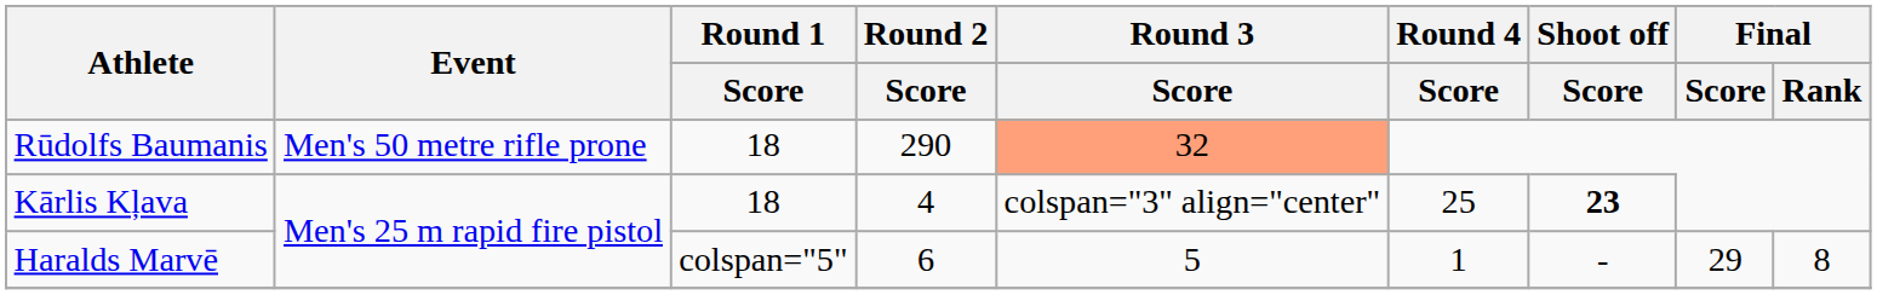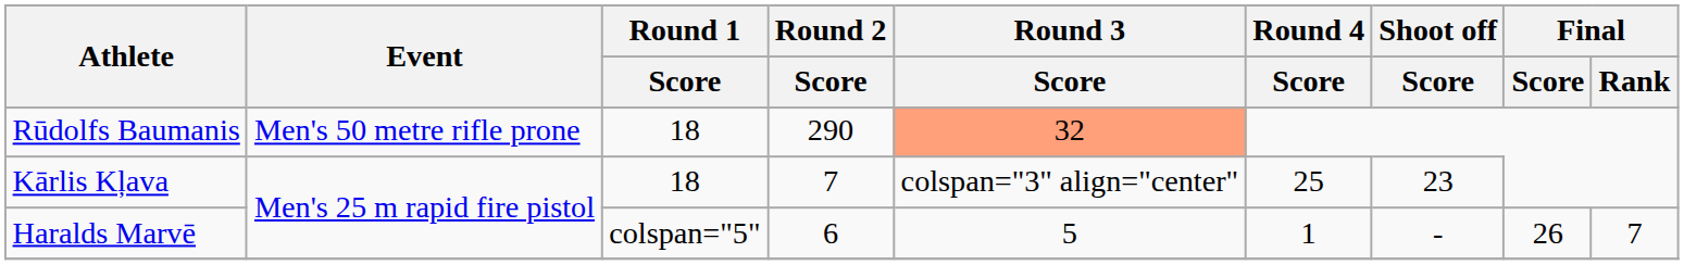 <table class="wikitable" style="font-size:90%">
 <tr>
 <th rowspan="2">Athlete</th>
 <th rowspan="2">Event</th>
 <th colspan="1">Round 1</th>
 <th colspan="1">Round 2</th>
 <th colspan="1">Round 3</th>
 <th colspan="1">Round 4</th>
 <th colspan="1">Shoot off</th>
 <th colspan="2">Final</th>
 </tr>
 <tr>
 <th>Score</th>
 <th>Score</th>
 <th>Score</th>
 <th>Score</th>
 <th>Score</th>
 <th>Score</th>
 <th>Rank</th>
 </tr>
 <tr>
 <td rowspan=1><a href='#'>Rūdolfs Baumanis</a></td>
 <td rowspan=1><a href='#'>Men's 50 metre rifle prone</a></td>
 <td align="center">18</td>
 <td align="center">290</td>
 <td align="center" style="background: lightsalmon;">32</td>
 </tr>
 <tr>
 <td><a href='#'>Kārlis Kļava</a></td>
 <td rowspan=2><a href='#'>Men's 25 m rapid fire pistol</a></td>
 <td align="center">18</td>
-<td align="center">4</td>
+<td align="center">7</td>
 <td>colspan="3"  align="center" </td>
 <td align="center">25</td>
-<td align="center"><strong>23</strong></td>
+<td align="center">23</td>
 </tr>
 <tr>
 <td><a href='#'>Haralds Marvē</a></td>
 <td>colspan="5"  </td>
 <td align="center">6</td>
 <td align="center">5</td>
 <td align="center">1</td>
 <td align="center">-</td>
-<td align="center">29</td>
-<td align="center">8</td>
+<td align="center">26</td>
+<td align="center">7</td>
 </tr>
 <tr>
 </tr>
 </table>
